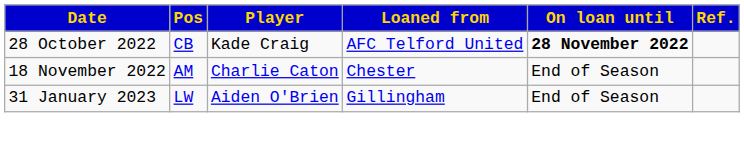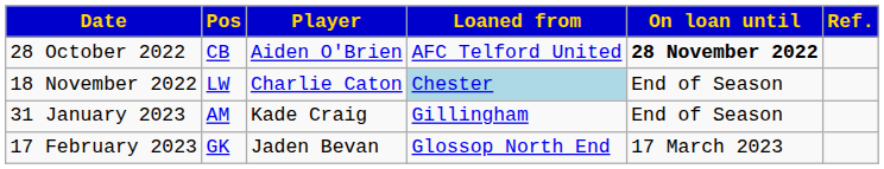 <table class="wikitable plainrowheaders sortable">
 <tr>
 <th style="background:#0000CD; color:#FFD700; ">Date</th>
 <th style="background:#0000CD; color:#FFD700; ">Pos</th>
 <th style="background:#0000CD; color:#FFD700; ">Player</th>
 <th style="background:#0000CD; color:#FFD700; ">Loaned from</th>
 <th style="background:#0000CD; color:#FFD700; ">On loan until</th>
 <th style="background:#0000CD; color:#FFD700; ">Ref.</th>
 </tr>
 <tr>
 <td>28 October 2022</td>
 <td><a href='#'>CB</a></td>
-<td> Kade Craig</td>
+<td> <a href='#'>Aiden O'Brien</a></td>
 <td> <a href='#'>AFC Telford United</a></td>
 <td><strong>28 November 2022</strong></td>
 <td></td>
 </tr>
 <tr>
 <td>18 November 2022</td>
-<td><a href='#'>AM</a></td>
+<td><a href='#'>LW</a></td>
 <td> <a href='#'>Charlie Caton</a></td>
-<td> <a href='#'>Chester</a></td>
+<td style="background: lightblue;"> <a href='#'>Chester</a></td>
 <td>End of Season</td>
 <td></td>
 </tr>
 <tr>
 <td>31 January 2023</td>
-<td><a href='#'>LW</a></td>
-<td> <a href='#'>Aiden O'Brien</a></td>
+<td><a href='#'>AM</a></td>
+<td> Kade Craig</td>
 <td> <a href='#'>Gillingham</a></td>
 <td>End of Season</td>
 <td></td>
 </tr>
+<tr>
+<td>17 February 2023</td>
+<td><a href='#'>GK</a></td>
+<td> Jaden Bevan</td>
+<td> <a href='#'>Glossop North End</a></td>
+<td>17 March 2023</td>
+<td></td>
+</tr>
 </table>
